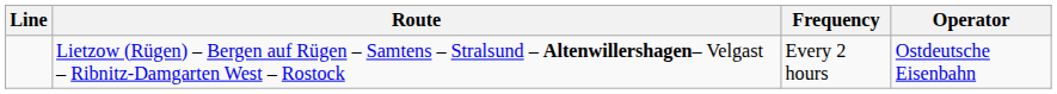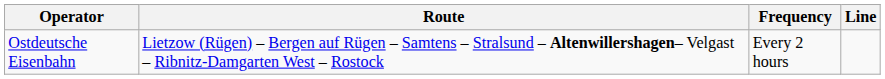 <table class="wikitable">
 <tr>
-<th>Line</th>
+<th>Operator</th>
 <th>Route</th>
 <th>Frequency</th>
-<th>Operator</th>
+<th>Line</th>
 </tr>
 <tr>
-<td></td>
+<td><a href='#'>Ostdeutsche Eisenbahn</a></td>
 <td><a href='#'>Lietzow (Rügen)</a> – <a href='#'>Bergen auf Rügen</a> – <a href='#'>Samtens</a> – <a href='#'>Stralsund</a> – <strong>Altenwillershagen</strong>– Velgast – <a href='#'>Ribnitz-Damgarten West</a> – <a href='#'>Rostock</a></td>
 <td>Every 2 hours</td>
-<td><a href='#'>Ostdeutsche Eisenbahn</a></td>
+<td></td>
 </tr>
 </table>
